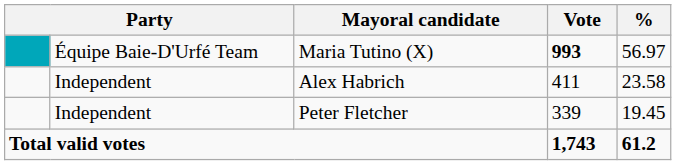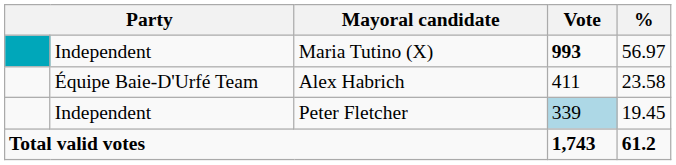 <table class="wikitable">
 <tr>
 <th bgcolor="#DDDDFF" width="230px" colspan="2">Party</th>
 <th bgcolor="#DDDDFF" width="200px">Mayoral candidate</th>
 <th bgcolor="#DDDDFF" width="50px">Vote</th>
 <th bgcolor="#DDDDFF" width="30px">%</th>
 </tr>
 <tr>
 <td bgcolor="#00a7ba" width="30px"> </td>
-<td>Équipe Baie-D'Urfé Team</td>
+<td>Independent</td>
 <td>Maria Tutino (X)</td>
 <td><strong>993</strong></td>
 <td>56.97</td>
 </tr>
 <tr>
 <td> </td>
-<td>Independent</td>
+<td>Équipe Baie-D'Urfé Team</td>
 <td>Alex Habrich</td>
 <td>411</td>
 <td>23.58</td>
 </tr>
 <tr>
 <td> </td>
 <td>Independent</td>
 <td>Peter Fletcher</td>
-<td>339</td>
+<td style="background: lightblue;">339</td>
 <td>19.45</td>
 </tr>
 <tr>
 <td colspan="3"><strong>Total valid votes</strong></td>
 <td><strong>1,743</strong></td>
 <td><strong>61.2</strong></td>
 </tr>
 </table>
